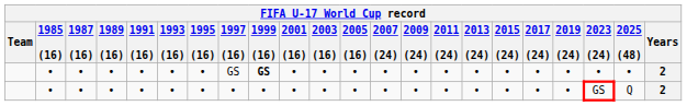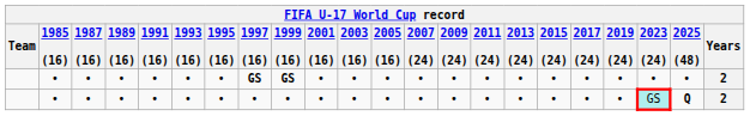 <table class="wikitable" style="text-align:center;">
 <tr style="background:#cccccc;" align=center>
 <th colspan=22><a href='#'>FIFA U-17 World Cup</a> record</th>
 </tr>
 <tr>
 <th>Team</th>
 <th><a href='#'>1985</a><br><br>(16)</th>
 <th><a href='#'>1987</a><br><br>(16)</th>
 <th><a href='#'>1989</a><br><br>(16)</th>
 <th><a href='#'>1991</a><br><br>(16)</th>
 <th><a href='#'>1993</a><br><br>(16)</th>
 <th><a href='#'>1995</a><br><br>(16)</th>
 <th><a href='#'>1997</a><br><br>(16)</th>
 <th><a href='#'>1999</a><br><br>(16)</th>
 <th><a href='#'>2001</a><br><br>(16)</th>
 <th><a href='#'>2003</a><br><br>(16)</th>
 <th><a href='#'>2005</a><br><br>(16)</th>
 <th><a href='#'>2007</a><br><br>(24)</th>
 <th><a href='#'>2009</a><br><br>(24)</th>
 <th><a href='#'>2011</a><br><br>(24)</th>
 <th><a href='#'>2013</a><br><br>(24)</th>
 <th><a href='#'>2015</a><br><br>(24)</th>
 <th><a href='#'>2017</a><br><br>(24)</th>
 <th><a href='#'>2019</a><br><br>(24)</th>
 <th><a href='#'>2023</a><br><br>(24)</th>
 <th><a href='#'>2025</a><br><br>(48)</th>
 <th>Years</th>
 </tr>
 <tr>
 <td align=left></td>
 <td>•</td>
 <td>•</td>
 <td>•</td>
 <td>•</td>
 <td>•</td>
 <td>•</td>
-<td>GS</td>
+<td><strong>GS</strong></td>
 <td><strong>GS</strong></td>
 <td>•</td>
 <td>•</td>
 <td>•</td>
 <td>•</td>
 <td>•</td>
 <td>•</td>
 <td>•</td>
 <td>•</td>
 <td>•</td>
 <td>•</td>
 <td>•</td>
 <td>•</td>
 <th>2</th>
 </tr>
 <tr>
 <td align=left></td>
 <td>•</td>
 <td>•</td>
 <td>•</td>
 <td>•</td>
 <td>•</td>
 <td>•</td>
 <td>•</td>
 <td>•</td>
 <td>•</td>
 <td>•</td>
 <td>•</td>
 <td>•</td>
 <td>•</td>
 <td>•</td>
 <td>•</td>
 <td>•</td>
 <td>•</td>
 <td>•</td>
-<td style="border:3px solid red">GS</td>
-<td>Q</td>
+<td style="background: paleturquoise; border:3px solid red">GS</td>
+<td><strong>Q</strong></td>
 <th>2</th>
 </tr>
 </table>
